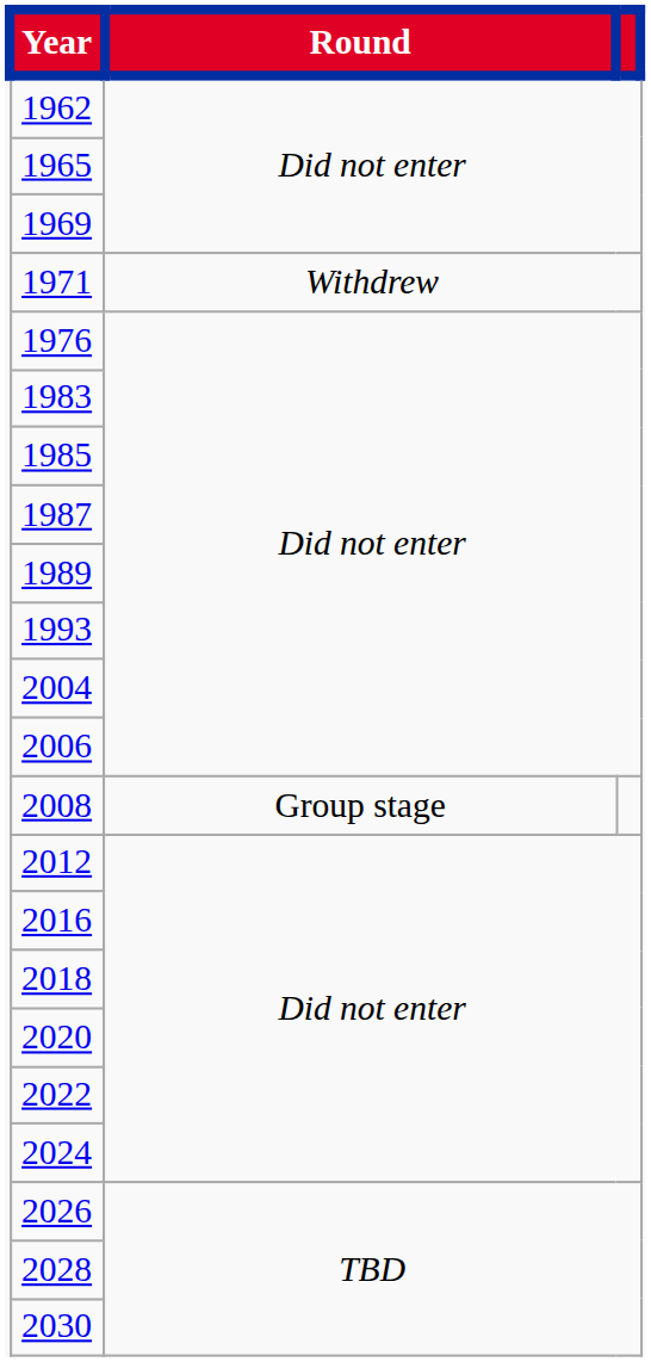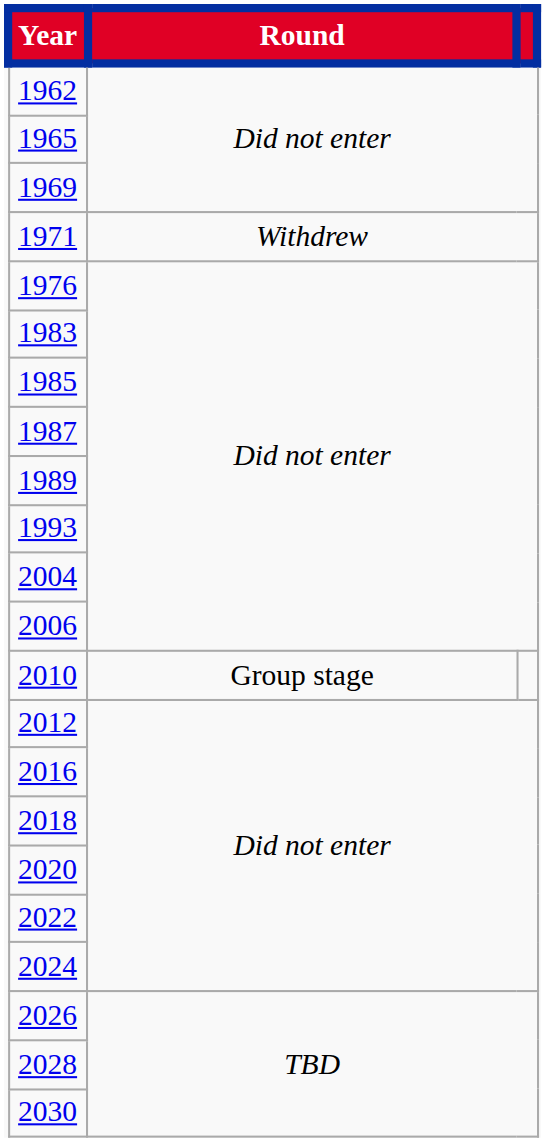 <table class="wikitable" style="text-align: center; font-size:90%">
 <tr style="color:white;">
 <th style="background:#e00025; border: 4px solid #032ea1;">Year</th>
 <th style="background:#e00025; border: 4px solid #032ea1; width:200px">Round</th>
 <th style="background:#e00025; border: 4px solid #032ea1;"></th>
 </tr>
 <tr>
 <td><a href='#'>1962</a></td>
 <td colspan="2" rowspan="3"><em>Did not enter</em></td>
 </tr>
 <tr>
 <td><a href='#'>1965</a></td>
 </tr>
 <tr>
 <td><a href='#'>1969</a></td>
 </tr>
 <tr>
 <td><a href='#'>1971</a></td>
 <td colspan="2"><em>Withdrew</em></td>
 </tr>
 <tr>
 <td><a href='#'>1976</a></td>
 <td colspan="2" rowspan="8"><em>Did not enter</em></td>
 </tr>
 <tr>
 <td><a href='#'>1983</a></td>
 </tr>
 <tr>
 <td><a href='#'>1985</a></td>
 </tr>
 <tr>
 <td><a href='#'>1987</a></td>
 </tr>
 <tr>
 <td><a href='#'>1989</a></td>
 </tr>
 <tr>
 <td><a href='#'>1993</a></td>
 </tr>
 <tr>
 <td><a href='#'>2004</a></td>
 </tr>
 <tr>
 <td><a href='#'>2006</a></td>
 </tr>
 <tr>
-<td><a href='#'>2008</a></td>
+<td><a href='#'>2010</a></td>
 <td>Group stage</td>
 <td></td>
 </tr>
 <tr>
 <td><a href='#'>2012</a></td>
 <td colspan="2" rowspan="6"><em>Did not enter</em></td>
 </tr>
 <tr>
 <td><a href='#'>2016</a></td>
 </tr>
 <tr>
 <td><a href='#'>2018</a></td>
 </tr>
 <tr>
 <td><a href='#'>2020</a></td>
 </tr>
 <tr>
 <td><a href='#'>2022</a></td>
 </tr>
 <tr>
 <td><a href='#'>2024</a></td>
 </tr>
 <tr>
 <td><a href='#'>2026</a></td>
 <td colspan="2" rowspan="3"><em>TBD</em></td>
 </tr>
 <tr>
 <td><a href='#'>2028</a></td>
 </tr>
 <tr>
 <td><a href='#'>2030</a></td>
 </tr>
 </table>
